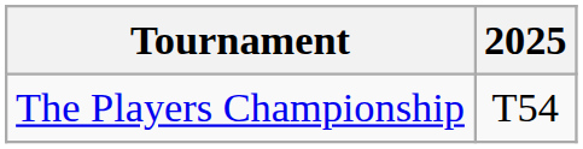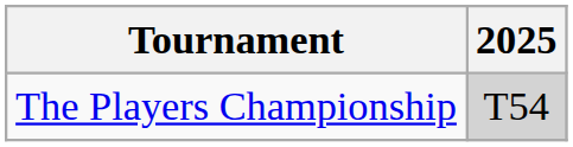 <table class="wikitable" style="font-size:95%;text-align:center;">
 <tr>
 <th>Tournament</th>
 <th>2025</th>
 </tr>
 <tr>
 <td align=left><a href='#'>The Players Championship</a></td>
-<td>T54</td>
+<td style="background: lightgrey;">T54</td>
 </tr>
 </table>
